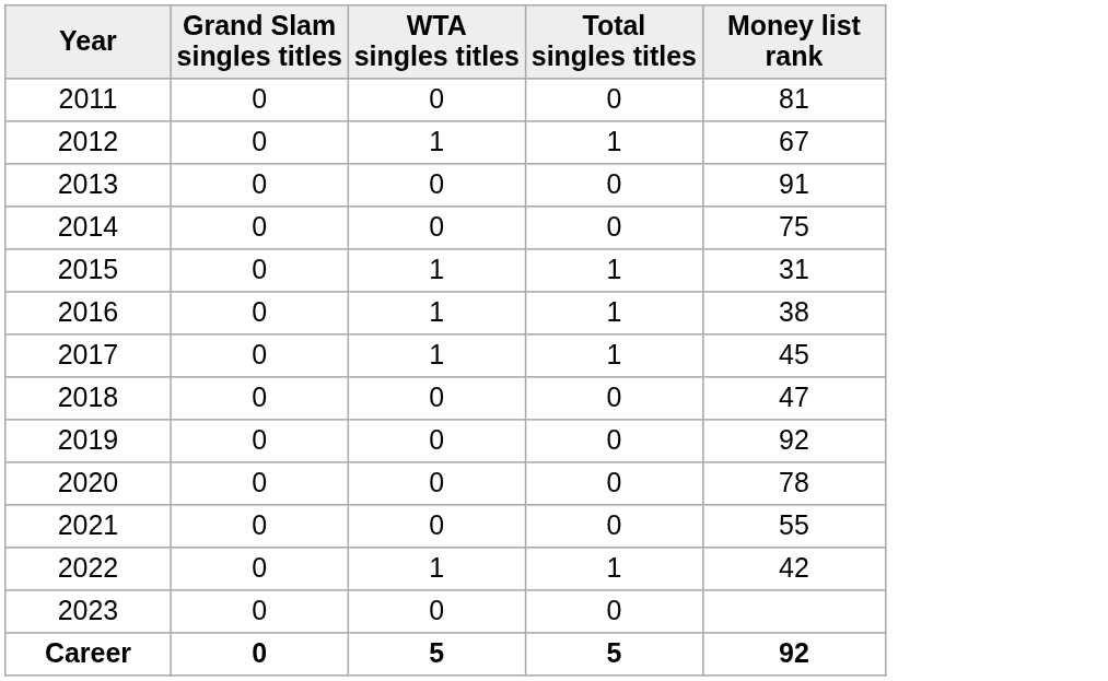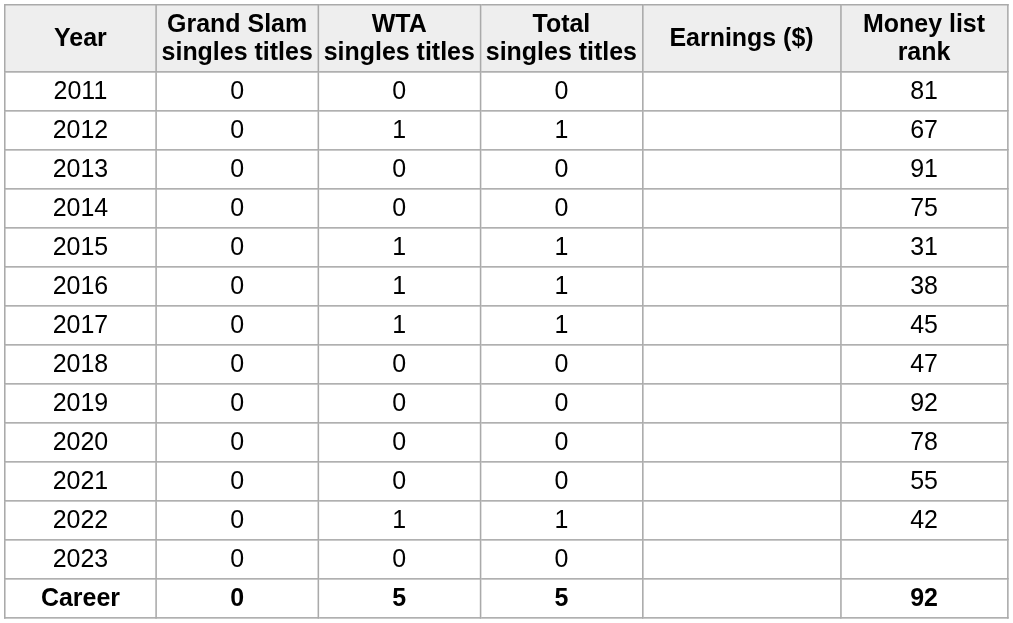 <table cellpadding=3 cellspacing=0 border=1 style=border:#aaa;solid:1px;border-collapse:collapse;text-align:center>
 <tr style=background:#eee>
 <td width=90><strong>Year</strong></td>
 <td><strong>Grand Slam<br>singles titles</strong></td>
 <td><strong>WTA <br>singles titles</strong></td>
 <td><strong>Total<br>singles titles</strong></td>
+<td width=120><strong>Earnings ($)</strong></td>
 <td width=100><strong>Money list rank</strong></td>
 </tr>
 <tr>
 <td>2011</td>
 <td>0</td>
 <td>0</td>
 <td>0</td>
+<td align=right></td>
 <td>81</td>
 </tr>
 <tr>
 <td>2012</td>
 <td>0</td>
 <td>1</td>
 <td>1</td>
+<td align=right></td>
 <td>67</td>
 </tr>
 <tr>
 <td>2013</td>
 <td>0</td>
 <td>0</td>
 <td>0</td>
+<td align=right></td>
 <td>91</td>
 </tr>
 <tr>
 <td>2014</td>
 <td>0</td>
 <td>0</td>
 <td>0</td>
+<td align=right></td>
 <td>75</td>
 </tr>
 <tr>
 <td>2015</td>
 <td>0</td>
 <td>1</td>
 <td>1</td>
+<td align=right></td>
 <td>31</td>
 </tr>
 <tr>
 <td>2016</td>
 <td>0</td>
 <td>1</td>
 <td>1</td>
+<td align=right></td>
 <td>38</td>
 </tr>
 <tr>
 <td>2017</td>
 <td>0</td>
 <td>1</td>
 <td>1</td>
+<td align=right></td>
 <td>45</td>
 </tr>
 <tr>
 <td>2018</td>
 <td>0</td>
 <td>0</td>
 <td>0</td>
+<td align=right></td>
 <td>47</td>
 </tr>
 <tr>
 <td>2019</td>
 <td>0</td>
 <td>0</td>
 <td>0</td>
+<td align=right></td>
 <td>92</td>
 </tr>
 <tr>
 <td>2020</td>
 <td>0</td>
 <td>0</td>
 <td>0</td>
+<td align=right></td>
 <td>78</td>
 </tr>
 <tr>
 <td>2021</td>
 <td>0</td>
 <td>0</td>
 <td>0</td>
+<td align=right></td>
 <td>55</td>
 </tr>
 <tr>
 <td>2022</td>
 <td>0</td>
 <td>1</td>
 <td>1</td>
+<td align=right></td>
 <td>42</td>
 </tr>
 <tr>
 <td>2023</td>
 <td>0</td>
 <td>0</td>
 <td>0</td>
+<td align=right></td>
 <td></td>
 </tr>
 <tr style="font-weight:bold">
 <td>Career</td>
 <td>0</td>
 <td>5</td>
 <td>5</td>
+<td align="right"></td>
 <td>92</td>
 </tr>
 </table>
